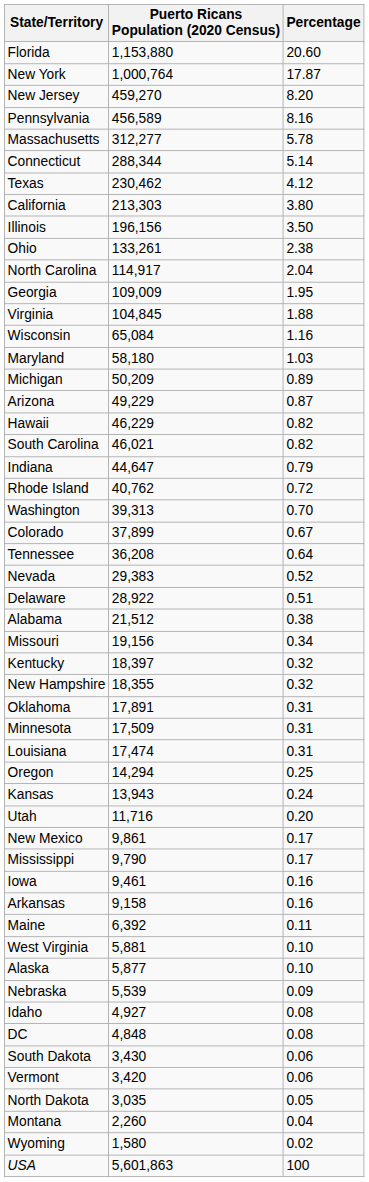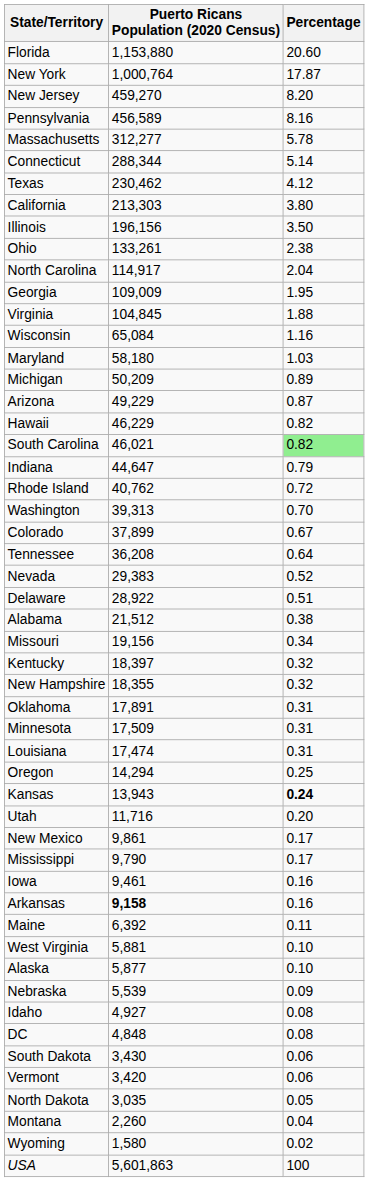 <table class="wikitable sortable">
 <tr>
 <th>State/Territory</th>
 <th>Puerto Ricans<br> Population (2020 Census)</th>
 <th>Percentage</th>
 </tr>
 <tr>
 <td>Florida</td>
 <td>1,153,880</td>
 <td>20.60</td>
 </tr>
 <tr>
 <td>New York</td>
 <td>1,000,764</td>
 <td>17.87</td>
 </tr>
 <tr>
 <td>New Jersey</td>
 <td>459,270</td>
 <td>8.20</td>
 </tr>
 <tr>
 <td>Pennsylvania</td>
 <td>456,589</td>
 <td>8.16</td>
 </tr>
 <tr>
 <td>Massachusetts</td>
 <td>312,277</td>
 <td>5.78</td>
 </tr>
 <tr>
 <td>Connecticut</td>
 <td>288,344</td>
 <td>5.14</td>
 </tr>
 <tr>
 <td>Texas</td>
 <td>230,462</td>
 <td>4.12</td>
 </tr>
 <tr>
 <td>California</td>
 <td>213,303</td>
 <td>3.80</td>
 </tr>
 <tr>
 <td>Illinois</td>
 <td>196,156</td>
 <td>3.50</td>
 </tr>
 <tr>
 <td>Ohio</td>
 <td>133,261</td>
 <td>2.38</td>
 </tr>
 <tr>
 <td>North Carolina</td>
 <td>114,917</td>
 <td>2.04</td>
 </tr>
 <tr>
 <td>Georgia</td>
 <td>109,009</td>
 <td>1.95</td>
 </tr>
 <tr>
 <td>Virginia</td>
 <td>104,845</td>
 <td>1.88</td>
 </tr>
 <tr>
 <td>Wisconsin</td>
 <td>65,084</td>
 <td>1.16</td>
 </tr>
 <tr>
 <td>Maryland</td>
 <td>58,180</td>
 <td>1.03</td>
 </tr>
 <tr>
 <td>Michigan</td>
 <td>50,209</td>
 <td>0.89</td>
 </tr>
 <tr>
 <td>Arizona</td>
 <td>49,229</td>
 <td>0.87</td>
 </tr>
 <tr>
 <td>Hawaii</td>
 <td>46,229</td>
 <td>0.82</td>
 </tr>
 <tr>
 <td>South Carolina</td>
 <td>46,021</td>
-<td>0.82</td>
+<td style="background: lightgreen;">0.82</td>
 </tr>
 <tr>
 <td>Indiana</td>
 <td>44,647</td>
 <td>0.79</td>
 </tr>
 <tr>
 <td>Rhode Island</td>
 <td>40,762</td>
 <td>0.72</td>
 </tr>
 <tr>
 <td>Washington</td>
 <td>39,313</td>
 <td>0.70</td>
 </tr>
 <tr>
 <td>Colorado</td>
 <td>37,899</td>
 <td>0.67</td>
 </tr>
 <tr>
 <td>Tennessee</td>
 <td>36,208</td>
 <td>0.64</td>
 </tr>
 <tr>
 <td>Nevada</td>
 <td>29,383</td>
 <td>0.52</td>
 </tr>
 <tr>
 <td>Delaware</td>
 <td>28,922</td>
 <td>0.51</td>
 </tr>
 <tr>
 <td>Alabama</td>
 <td>21,512</td>
 <td>0.38</td>
 </tr>
 <tr>
 <td>Missouri</td>
 <td>19,156</td>
 <td>0.34</td>
 </tr>
 <tr>
 <td>Kentucky</td>
 <td>18,397</td>
 <td>0.32</td>
 </tr>
 <tr>
 <td>New Hampshire</td>
 <td>18,355</td>
 <td>0.32</td>
 </tr>
 <tr>
 <td>Oklahoma</td>
 <td>17,891</td>
 <td>0.31</td>
 </tr>
 <tr>
 <td>Minnesota</td>
 <td>17,509</td>
 <td>0.31</td>
 </tr>
 <tr>
 <td>Louisiana</td>
 <td>17,474</td>
 <td>0.31</td>
 </tr>
 <tr>
 <td>Oregon</td>
 <td>14,294</td>
 <td>0.25</td>
 </tr>
 <tr>
 <td>Kansas</td>
 <td>13,943</td>
-<td>0.24</td>
+<td><strong>0.24</strong></td>
 </tr>
 <tr>
 <td>Utah</td>
 <td>11,716</td>
 <td>0.20</td>
 </tr>
 <tr>
 <td>New Mexico</td>
 <td>9,861</td>
 <td>0.17</td>
 </tr>
 <tr>
 <td>Mississippi</td>
 <td>9,790</td>
 <td>0.17</td>
 </tr>
 <tr>
 <td>Iowa</td>
 <td>9,461</td>
 <td>0.16</td>
 </tr>
 <tr>
 <td>Arkansas</td>
-<td>9,158</td>
+<td><strong>9,158</strong></td>
 <td>0.16</td>
 </tr>
 <tr>
 <td>Maine</td>
 <td>6,392</td>
 <td>0.11</td>
 </tr>
 <tr>
 <td>West Virginia</td>
 <td>5,881</td>
 <td>0.10</td>
 </tr>
 <tr>
 <td>Alaska</td>
 <td>5,877</td>
 <td>0.10</td>
 </tr>
 <tr>
 <td>Nebraska</td>
 <td>5,539</td>
 <td>0.09</td>
 </tr>
 <tr>
 <td>Idaho</td>
 <td>4,927</td>
 <td>0.08</td>
 </tr>
 <tr>
 <td>DC</td>
 <td>4,848</td>
 <td>0.08</td>
 </tr>
 <tr>
 <td>South Dakota</td>
 <td>3,430</td>
 <td>0.06</td>
 </tr>
 <tr>
 <td>Vermont</td>
 <td>3,420</td>
 <td>0.06</td>
 </tr>
 <tr>
 <td>North Dakota</td>
 <td>3,035</td>
 <td>0.05</td>
 </tr>
 <tr>
 <td>Montana</td>
 <td>2,260</td>
 <td>0.04</td>
 </tr>
 <tr>
 <td>Wyoming</td>
 <td>1,580</td>
 <td>0.02</td>
 </tr>
 <tr>
 <td><em>USA</em></td>
 <td>5,601,863</td>
 <td>100</td>
 </tr>
 </table>
